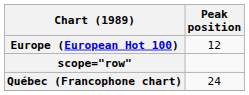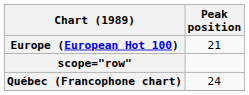 <table class="wikitable sortable plainrowheaders">
 <tr>
 <th>Chart (1989)</th>
 <th>Peak<br>position</th>
 </tr>
 <tr>
 <th scope="row">Europe (<a href='#'>European Hot 100</a>)</th>
-<td align="center">12</td>
+<td align="center">21</td>
 </tr>
 <tr>
 <th>scope="row"</th>
 </tr>
 <tr>
 <th scope="row">Québec (Francophone chart)</th>
 <td align="center">24</td>
 </tr>
 <tr>
 </tr>
 </table>
